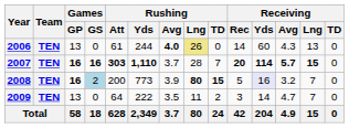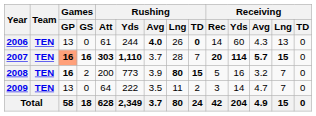 <table class="wikitable" style="text-align:center;">
 <tr>
 <th rowspan="2">Year</th>
 <th rowspan="2">Team</th>
 <th colspan="2">Games</th>
 <th colspan="5">Rushing</th>
 <th colspan="5">Receiving</th>
 </tr>
 <tr>
 <th>GP</th>
 <th>GS</th>
 <th>Att</th>
 <th>Yds</th>
 <th>Avg</th>
 <th>Lng</th>
 <th>TD</th>
 <th>Rec</th>
 <th>Yds</th>
 <th>Avg</th>
 <th>Lng</th>
 <th>TD</th>
 </tr>
 <tr>
 <th><a href='#'>2006</a></th>
 <th><a href='#'>TEN</a></th>
 <td>13</td>
 <td>0</td>
 <td>61</td>
 <td>244</td>
 <td><strong>4.0</strong></td>
-<td style="background: khaki;">26</td>
-<td>0</td>
+<td>26</td>
+<td><strong>0</strong></td>
 <td>14</td>
 <td>60</td>
 <td>4.3</td>
 <td>13</td>
 <td>0</td>
 </tr>
 <tr>
 <th><a href='#'>2007</a></th>
 <th><a href='#'>TEN</a></th>
-<td><strong>16</strong></td>
+<td style="background: lightsalmon;"><strong>16</strong></td>
 <td><strong>16</strong></td>
 <td><strong>303</strong></td>
 <td><strong>1,110</strong></td>
 <td>3.7</td>
 <td>28</td>
 <td>7</td>
 <td><strong>20</strong></td>
 <td><strong>114</strong></td>
 <td><strong>5.7</strong></td>
 <td><strong>15</strong></td>
 <td>0</td>
 </tr>
 <tr>
 <th><a href='#'>2008</a></th>
 <th><a href='#'>TEN</a></th>
 <td><strong>16</strong></td>
-<td style="background: lightblue;">2</td>
+<td>2</td>
 <td>200</td>
 <td>773</td>
 <td>3.9</td>
 <td><strong>80</strong></td>
 <td><strong>15</strong></td>
 <td>5</td>
-<td style="background: lavender;">16</td>
+<td>16</td>
 <td>3.2</td>
 <td>7</td>
 <td>0</td>
 </tr>
 <tr>
 <th><a href='#'>2009</a></th>
 <th><a href='#'>TEN</a></th>
 <td>13</td>
 <td>0</td>
 <td>64</td>
 <td>222</td>
 <td>3.5</td>
 <td>11</td>
 <td>2</td>
 <td>3</td>
 <td>14</td>
 <td>4.7</td>
 <td>7</td>
 <td>0</td>
 </tr>
 <tr>
 <th colspan="2">Total</th>
 <th>58</th>
 <th>18</th>
 <th>628</th>
 <th>2,349</th>
 <th>3.7</th>
 <th>80</th>
 <th>24</th>
 <th>42</th>
 <th>204</th>
 <th>4.9</th>
 <th>15</th>
 <th>0</th>
 </tr>
 </table>
